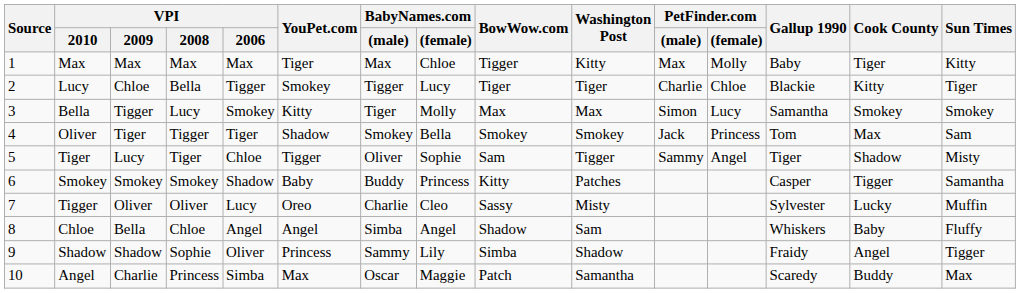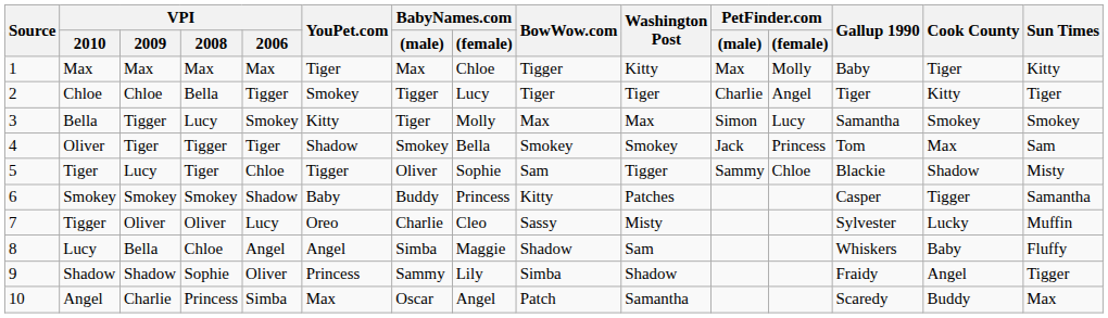 <table class="wikitable">
 <tr>
 <th rowspan=2>Source</th>
 <th colspan=4>VPI</th>
 <th rowspan=2>YouPet.com</th>
 <th colspan=2>BabyNames.com</th>
 <th rowspan=2>BowWow.com</th>
 <th rowspan=2>Washington<br>Post</th>
 <th colspan=2>PetFinder.com</th>
 <th rowspan=2>Gallup 1990</th>
 <th rowspan=2>Cook County</th>
 <th rowspan=2>Sun Times</th>
 </tr>
 <tr>
 <th>2010<br></th>
 <th>2009</th>
 <th>2008</th>
 <th>2006</th>
 <th>(male)</th>
 <th>(female)</th>
 <th>(male)</th>
 <th>(female)</th>
 </tr>
 <tr>
 <td>1</td>
 <td>Max</td>
 <td>Max</td>
 <td>Max</td>
 <td>Max</td>
 <td>Tiger</td>
 <td>Max</td>
 <td>Chloe</td>
 <td>Tigger</td>
 <td>Kitty</td>
 <td>Max</td>
 <td>Molly</td>
 <td>Baby</td>
 <td>Tiger</td>
 <td>Kitty</td>
 </tr>
 <tr>
 <td>2</td>
-<td>Lucy</td>
+<td>Chloe</td>
 <td>Chloe</td>
 <td>Bella</td>
 <td>Tigger</td>
 <td>Smokey</td>
 <td>Tigger</td>
 <td>Lucy</td>
 <td>Tiger</td>
 <td>Tiger</td>
 <td>Charlie</td>
-<td>Chloe</td>
-<td>Blackie</td>
+<td>Angel</td>
+<td>Tiger</td>
 <td>Kitty</td>
 <td>Tiger</td>
 </tr>
 <tr>
 <td>3</td>
 <td>Bella</td>
 <td>Tigger</td>
 <td>Lucy</td>
 <td>Smokey</td>
 <td>Kitty</td>
 <td>Tiger</td>
 <td>Molly</td>
 <td>Max</td>
 <td>Max</td>
 <td>Simon</td>
 <td>Lucy</td>
 <td>Samantha</td>
 <td>Smokey</td>
 <td>Smokey</td>
 </tr>
 <tr>
 <td>4</td>
 <td>Oliver</td>
 <td>Tiger</td>
 <td>Tigger</td>
 <td>Tiger</td>
 <td>Shadow</td>
 <td>Smokey</td>
 <td>Bella</td>
 <td>Smokey</td>
 <td>Smokey</td>
 <td>Jack</td>
 <td>Princess</td>
 <td>Tom</td>
 <td>Max</td>
 <td>Sam</td>
 </tr>
 <tr>
 <td>5</td>
 <td>Tiger</td>
 <td>Lucy</td>
 <td>Tiger</td>
 <td>Chloe</td>
 <td>Tigger</td>
 <td>Oliver</td>
 <td>Sophie</td>
 <td>Sam</td>
 <td>Tigger</td>
 <td>Sammy</td>
-<td>Angel</td>
-<td>Tiger</td>
+<td>Chloe</td>
+<td>Blackie</td>
 <td>Shadow</td>
 <td>Misty</td>
 </tr>
 <tr>
 <td>6</td>
 <td>Smokey</td>
 <td>Smokey</td>
 <td>Smokey</td>
 <td>Shadow</td>
 <td>Baby</td>
 <td>Buddy</td>
 <td>Princess</td>
 <td>Kitty</td>
 <td>Patches</td>
 <td></td>
 <td></td>
 <td>Casper</td>
 <td>Tigger</td>
 <td>Samantha</td>
 </tr>
 <tr>
 <td>7</td>
 <td>Tigger</td>
 <td>Oliver</td>
 <td>Oliver</td>
 <td>Lucy</td>
 <td>Oreo</td>
 <td>Charlie</td>
 <td>Cleo</td>
 <td>Sassy</td>
 <td>Misty</td>
 <td></td>
 <td></td>
 <td>Sylvester</td>
 <td>Lucky</td>
 <td>Muffin</td>
 </tr>
 <tr>
 <td>8</td>
-<td>Chloe</td>
+<td>Lucy</td>
 <td>Bella</td>
 <td>Chloe</td>
 <td>Angel</td>
 <td>Angel</td>
 <td>Simba</td>
-<td>Angel</td>
+<td>Maggie</td>
 <td>Shadow</td>
 <td>Sam</td>
 <td></td>
 <td></td>
 <td>Whiskers</td>
 <td>Baby</td>
 <td>Fluffy</td>
 </tr>
 <tr>
 <td>9</td>
 <td>Shadow</td>
 <td>Shadow</td>
 <td>Sophie</td>
 <td>Oliver</td>
 <td>Princess</td>
 <td>Sammy</td>
 <td>Lily</td>
 <td>Simba</td>
 <td>Shadow</td>
 <td></td>
 <td></td>
 <td>Fraidy</td>
 <td>Angel</td>
 <td>Tigger</td>
 </tr>
 <tr>
 <td>10</td>
 <td>Angel</td>
 <td>Charlie</td>
 <td>Princess</td>
 <td>Simba</td>
 <td>Max</td>
 <td>Oscar</td>
-<td>Maggie</td>
+<td>Angel</td>
 <td>Patch</td>
 <td>Samantha</td>
 <td></td>
 <td></td>
 <td>Scaredy</td>
 <td>Buddy</td>
 <td>Max</td>
 </tr>
 </table>
